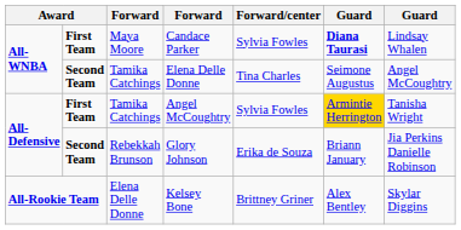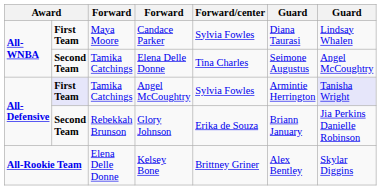 <table class="wikitable" style="width: 80%">
 <tr>
 <th colspan="2">Award</th>
 <th width="125">Forward</th>
 <th>Forward</th>
 <th>Forward/center</th>
 <th>Guard</th>
 <th>Guard</th>
 </tr>
 <tr>
 <td rowspan="2"><strong><a href='#'>All-WNBA</a></strong></td>
 <td><strong>First Team</strong></td>
 <td><a href='#'>Maya Moore</a></td>
 <td><a href='#'>Candace Parker</a></td>
 <td><a href='#'>Sylvia Fowles</a></td>
-<td><strong><a href='#'>Diana Taurasi</a></strong></td>
+<td><a href='#'>Diana Taurasi</a></td>
 <td><a href='#'>Lindsay Whalen</a></td>
 </tr>
 <tr>
 <td><strong>Second Team</strong></td>
 <td><a href='#'>Tamika Catchings</a></td>
 <td><a href='#'>Elena Delle Donne</a></td>
 <td><a href='#'>Tina Charles</a></td>
 <td><a href='#'>Seimone Augustus</a></td>
 <td><a href='#'>Angel McCoughtry</a></td>
 </tr>
 <tr>
 <td rowspan="2"><strong><a href='#'>All-Defensive</a></strong></td>
-<td><strong>First Team</strong></td>
+<td style="background: lavender;"><strong>First Team</strong></td>
 <td><a href='#'>Tamika Catchings</a></td>
 <td><a href='#'>Angel McCoughtry</a></td>
 <td><a href='#'>Sylvia Fowles</a></td>
-<td style="background: gold;"><a href='#'>Armintie Herrington</a></td>
-<td><a href='#'>Tanisha Wright</a></td>
+<td><a href='#'>Armintie Herrington</a></td>
+<td style="background: lavender;"><a href='#'>Tanisha Wright</a></td>
 </tr>
 <tr>
 <td><strong>Second Team</strong></td>
 <td><a href='#'>Rebekkah Brunson</a></td>
 <td><a href='#'>Glory Johnson</a></td>
 <td><a href='#'>Erika de Souza</a></td>
 <td><a href='#'>Briann January</a></td>
 <td><a href='#'>Jia Perkins</a><br><a href='#'>Danielle Robinson</a></td>
 </tr>
 <tr>
 <td colspan="2"><strong><a href='#'>All-Rookie Team</a></strong></td>
 <td><a href='#'>Elena Delle Donne</a></td>
 <td><a href='#'>Kelsey Bone</a></td>
 <td><a href='#'>Brittney Griner</a></td>
 <td><a href='#'>Alex Bentley</a></td>
 <td><a href='#'>Skylar Diggins</a></td>
 </tr>
 </table>
